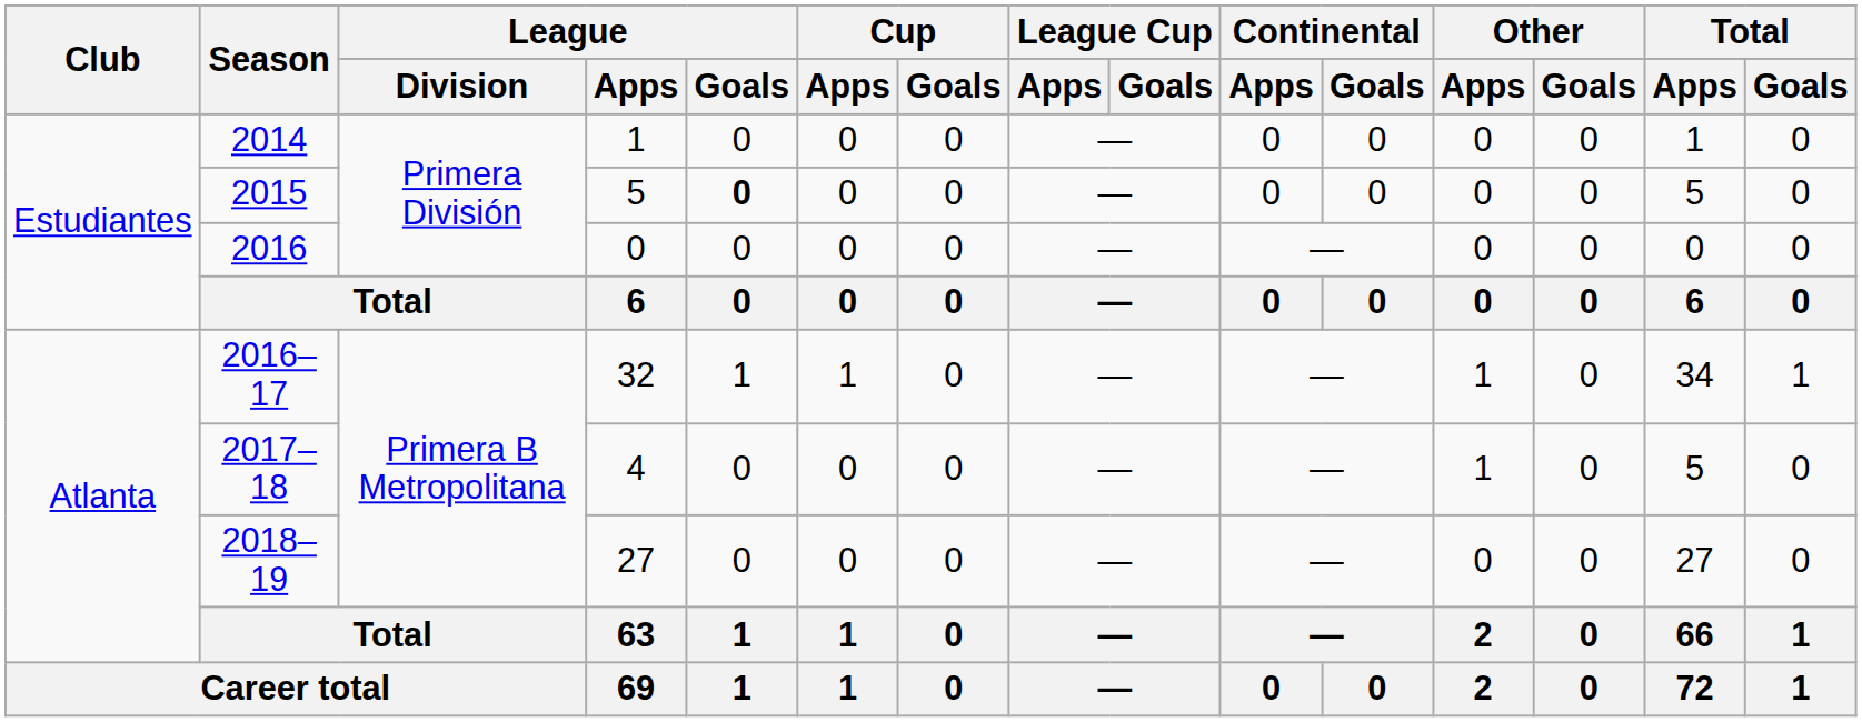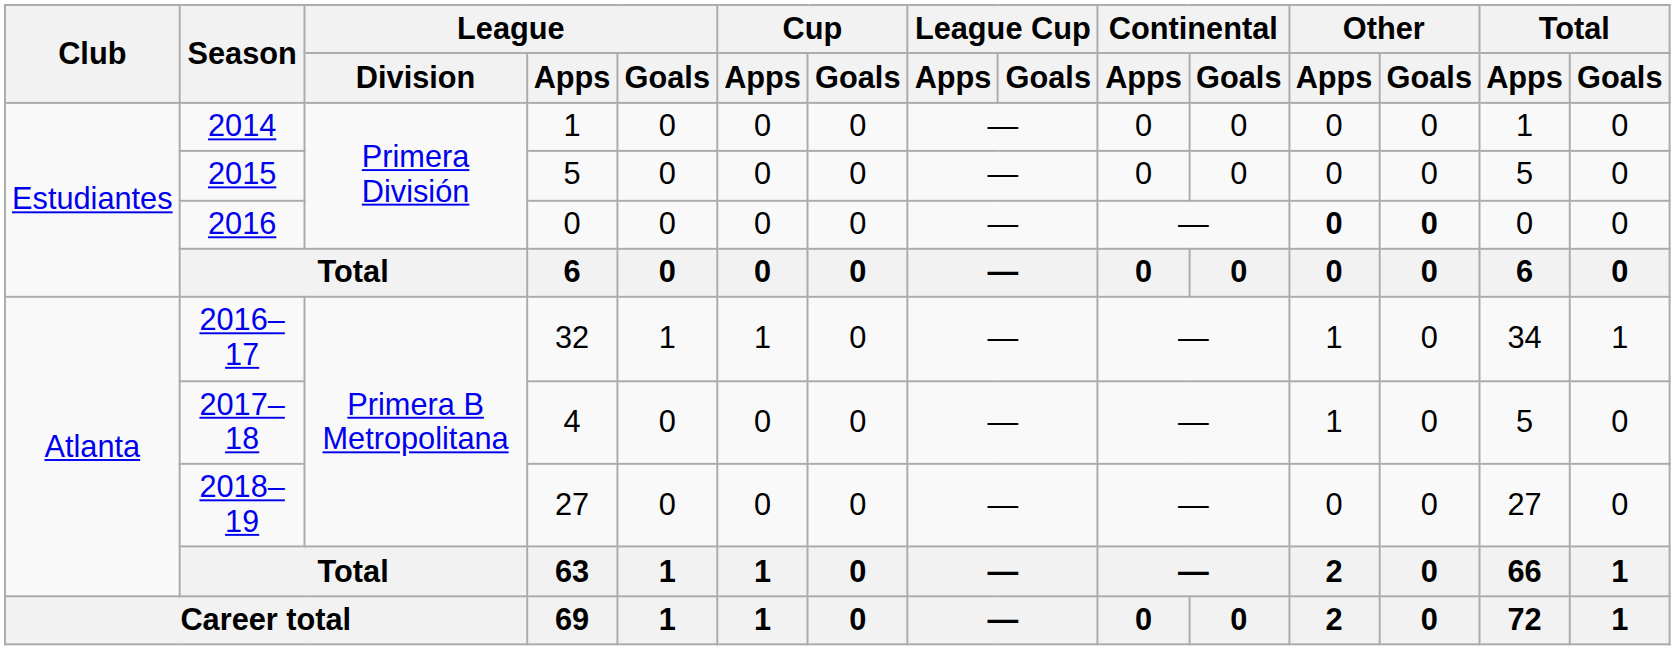 <table class="wikitable" style="text-align:center">
 <tr>
 <th rowspan="2">Club</th>
 <th rowspan="2">Season</th>
 <th colspan="3">League</th>
 <th colspan="2">Cup</th>
 <th colspan="2">League Cup</th>
 <th colspan="2">Continental</th>
 <th colspan="2">Other</th>
 <th colspan="2">Total</th>
 </tr>
 <tr>
 <th>Division</th>
 <th>Apps</th>
 <th>Goals</th>
 <th>Apps</th>
 <th>Goals</th>
 <th>Apps</th>
 <th>Goals</th>
 <th>Apps</th>
 <th>Goals</th>
 <th>Apps</th>
 <th>Goals</th>
 <th>Apps</th>
 <th>Goals</th>
 </tr>
 <tr>
 <td rowspan="4"><a href='#'>Estudiantes</a></td>
 <td><a href='#'>2014</a></td>
 <td rowspan="3"><a href='#'>Primera División</a></td>
 <td>1</td>
 <td>0</td>
 <td>0</td>
 <td>0</td>
 <td colspan="2">—</td>
 <td>0</td>
 <td>0</td>
 <td>0</td>
 <td>0</td>
 <td>1</td>
 <td>0</td>
 </tr>
 <tr>
 <td><a href='#'>2015</a></td>
 <td>5</td>
-<td><strong>0</strong></td>
+<td>0</td>
 <td>0</td>
 <td>0</td>
 <td colspan="2">—</td>
 <td>0</td>
 <td>0</td>
 <td>0</td>
 <td>0</td>
 <td>5</td>
 <td>0</td>
 </tr>
 <tr>
 <td><a href='#'>2016</a></td>
 <td>0</td>
 <td>0</td>
 <td>0</td>
 <td>0</td>
 <td colspan="2">—</td>
 <td colspan="2">—</td>
-<td>0</td>
-<td>0</td>
+<td><strong>0</strong></td>
+<td><strong>0</strong></td>
 <td>0</td>
 <td>0</td>
 </tr>
 <tr>
 <th colspan="2">Total</th>
 <th>6</th>
 <th>0</th>
 <th>0</th>
 <th>0</th>
 <th colspan="2">—</th>
 <th>0</th>
 <th>0</th>
 <th>0</th>
 <th>0</th>
 <th>6</th>
 <th>0</th>
 </tr>
 <tr>
 <td rowspan="4"><a href='#'>Atlanta</a></td>
 <td><a href='#'>2016–17</a></td>
 <td rowspan="3"><a href='#'>Primera B Metropolitana</a></td>
 <td>32</td>
 <td>1</td>
 <td>1</td>
 <td>0</td>
 <td colspan="2">—</td>
 <td colspan="2">—</td>
 <td>1</td>
 <td>0</td>
 <td>34</td>
 <td>1</td>
 </tr>
 <tr>
 <td><a href='#'>2017–18</a></td>
 <td>4</td>
 <td>0</td>
 <td>0</td>
 <td>0</td>
 <td colspan="2">—</td>
 <td colspan="2">—</td>
 <td>1</td>
 <td>0</td>
 <td>5</td>
 <td>0</td>
 </tr>
 <tr>
 <td><a href='#'>2018–19</a></td>
 <td>27</td>
 <td>0</td>
 <td>0</td>
 <td>0</td>
 <td colspan="2">—</td>
 <td colspan="2">—</td>
 <td>0</td>
 <td>0</td>
 <td>27</td>
 <td>0</td>
 </tr>
 <tr>
 <th colspan="2">Total</th>
 <th>63</th>
 <th>1</th>
 <th>1</th>
 <th>0</th>
 <th colspan="2">—</th>
 <th colspan="2">—</th>
 <th>2</th>
 <th>0</th>
 <th>66</th>
 <th>1</th>
 </tr>
 <tr>
 <th colspan="3">Career total</th>
 <th>69</th>
 <th>1</th>
 <th>1</th>
 <th>0</th>
 <th colspan="2">—</th>
 <th>0</th>
 <th>0</th>
 <th>2</th>
 <th>0</th>
 <th>72</th>
 <th>1</th>
 </tr>
 </table>
